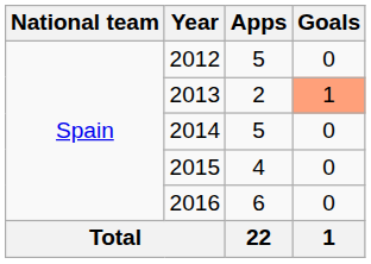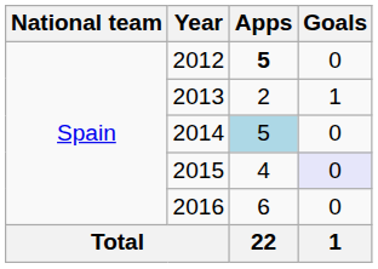 <table class="wikitable" style="text-align:center">
 <tr>
 <th>National team</th>
 <th>Year</th>
 <th>Apps</th>
 <th>Goals</th>
 </tr>
 <tr>
 <td rowspan="5"><a href='#'>Spain</a></td>
 <td>2012</td>
-<td>5</td>
+<td><strong>5</strong></td>
 <td>0</td>
 </tr>
 <tr>
 <td>2013</td>
 <td>2</td>
-<td style="background: lightsalmon;">1</td>
+<td>1</td>
 </tr>
 <tr>
 <td>2014</td>
-<td>5</td>
+<td style="background: lightblue;">5</td>
 <td>0</td>
 </tr>
 <tr>
 <td>2015</td>
 <td>4</td>
-<td>0</td>
+<td style="background: lavender;">0</td>
 </tr>
 <tr>
 <td>2016</td>
 <td>6</td>
 <td>0</td>
 </tr>
 <tr>
 <th colspan="2">Total</th>
 <th>22</th>
 <th>1</th>
 </tr>
 </table>
